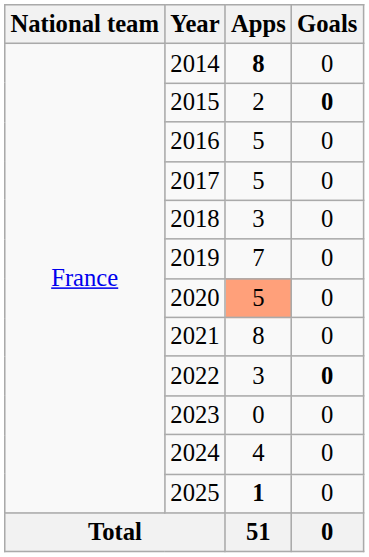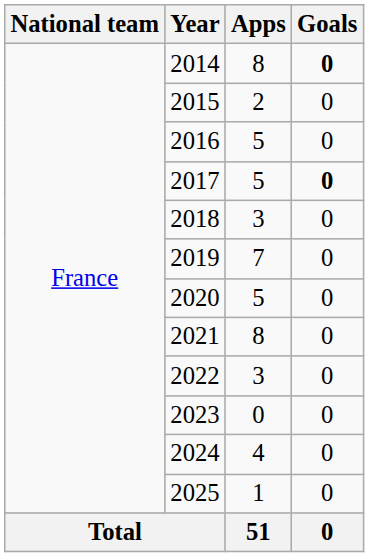 <table class="wikitable" style="text-align: center;">
 <tr>
 <th>National team</th>
 <th>Year</th>
 <th>Apps</th>
 <th>Goals</th>
 </tr>
 <tr>
 <td rowspan="12"><a href='#'>France</a></td>
 <td>2014</td>
-<td><strong>8</strong></td>
-<td>0</td>
+<td>8</td>
+<td><strong>0</strong></td>
 </tr>
 <tr>
 <td>2015</td>
 <td>2</td>
-<td><strong>0</strong></td>
+<td>0</td>
 </tr>
 <tr>
 <td>2016</td>
 <td>5</td>
 <td>0</td>
 </tr>
 <tr>
 <td>2017</td>
 <td>5</td>
-<td>0</td>
+<td><strong>0</strong></td>
 </tr>
 <tr>
 <td>2018</td>
 <td>3</td>
 <td>0</td>
 </tr>
 <tr>
 <td>2019</td>
 <td>7</td>
 <td>0</td>
 </tr>
 <tr>
 <td>2020</td>
-<td style="background: lightsalmon;">5</td>
+<td>5</td>
 <td>0</td>
 </tr>
 <tr>
 <td>2021</td>
 <td>8</td>
 <td>0</td>
 </tr>
 <tr>
 <td>2022</td>
 <td>3</td>
-<td><strong>0</strong></td>
+<td>0</td>
 </tr>
 <tr>
 <td>2023</td>
 <td>0</td>
 <td>0</td>
 </tr>
 <tr>
 <td>2024</td>
 <td>4</td>
 <td>0</td>
 </tr>
 <tr>
 <td>2025</td>
-<td><strong>1</strong></td>
+<td>1</td>
 <td>0</td>
 </tr>
 <tr>
 <th colspan="2">Total</th>
 <th>51</th>
 <th>0</th>
 </tr>
 </table>
